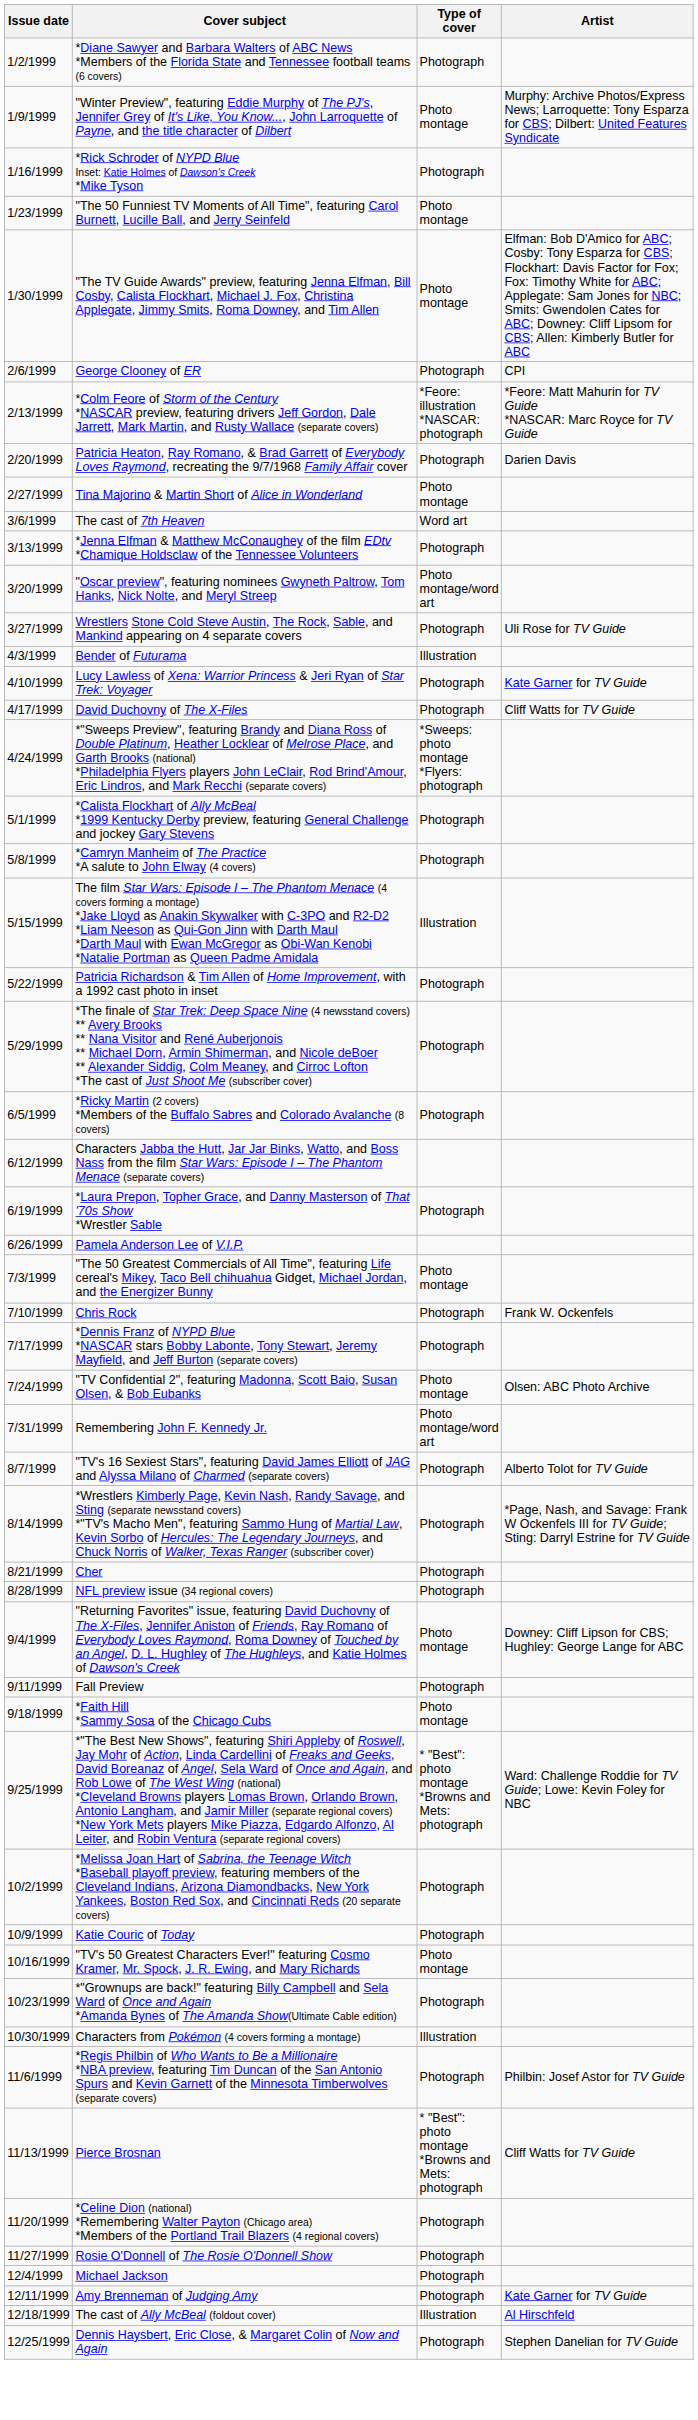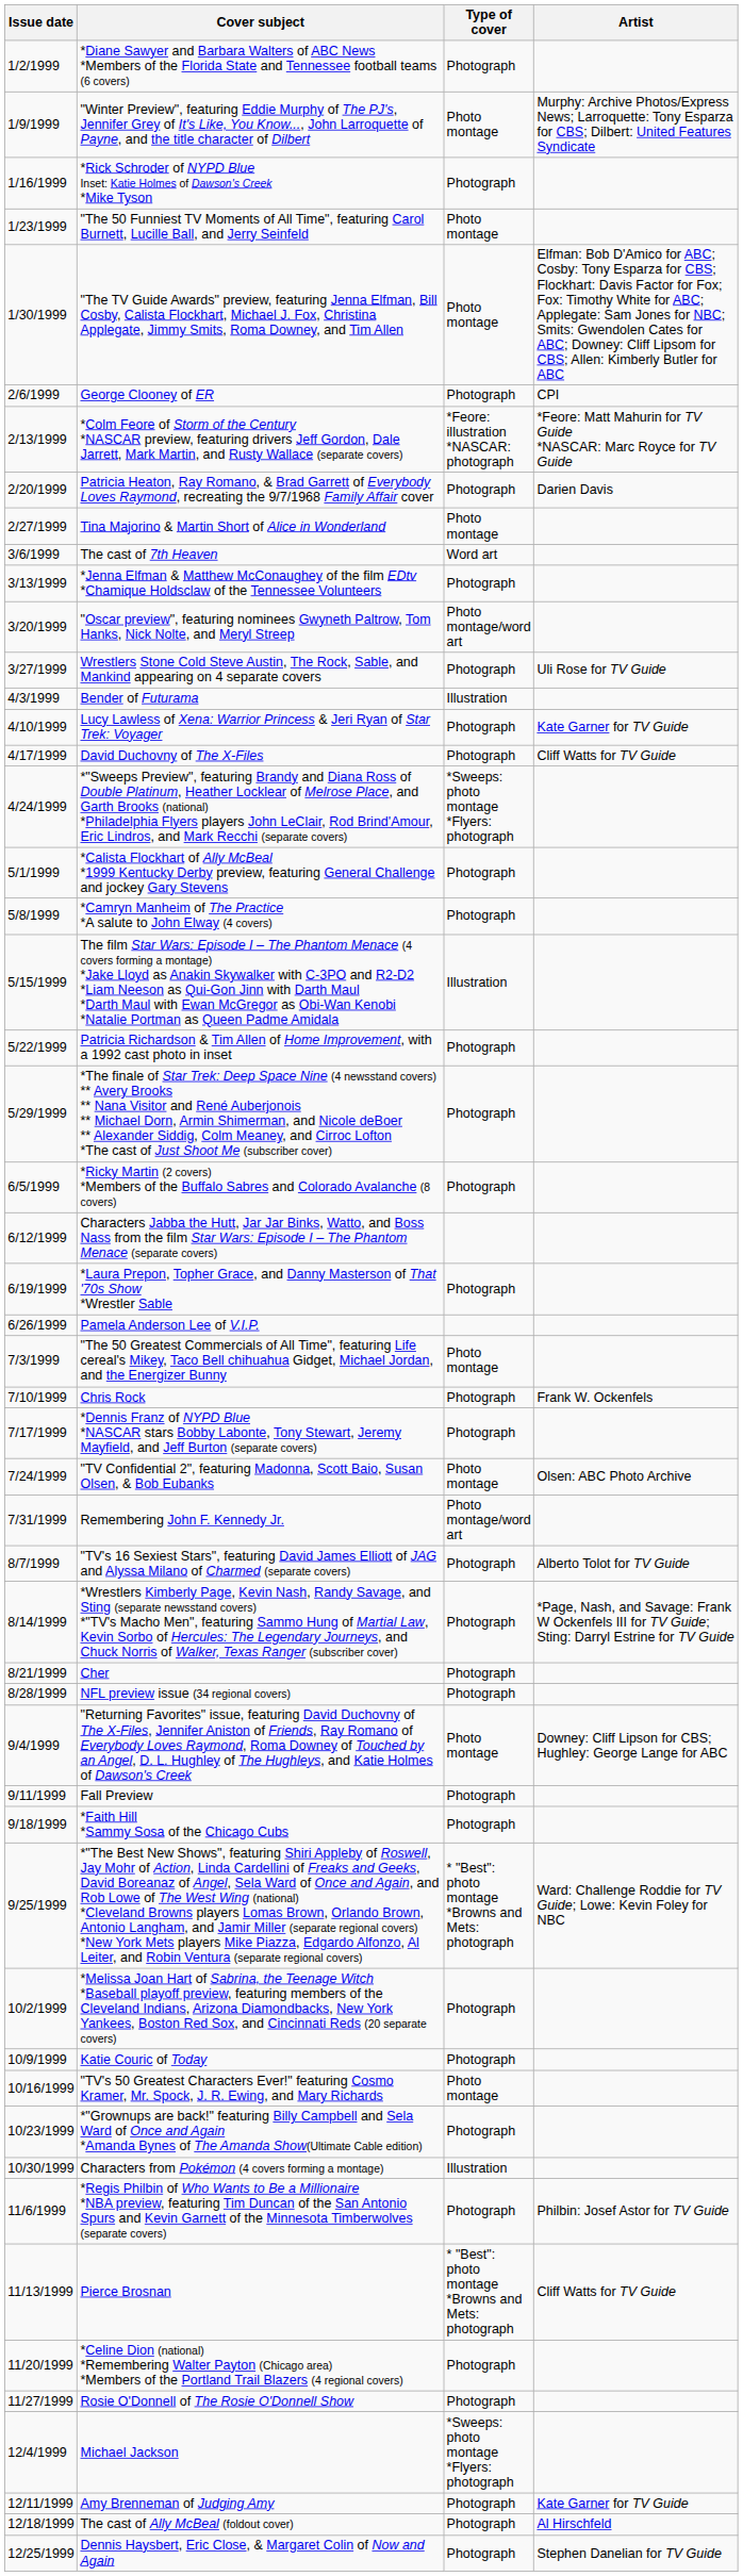 <table class="wikitable sortable" width=100% style="font-size:100%;">
 <tr>
 <th width=6%>Issue date</th>
 <th width=53%>Cover subject</th>
 <th width=12%>Type of cover</th>
 <th width=29%>Artist</th>
 </tr>
 <tr>
 <td>1/2/1999</td>
 <td>*<a href='#'>Diane Sawyer</a> and <a href='#'>Barbara Walters</a> of <a href='#'>ABC News</a><br>*Members of the <a href='#'>Florida State</a> and <a href='#'>Tennessee</a> football teams <small>(6 covers)</small></td>
 <td>Photograph</td>
 <td></td>
 </tr>
 <tr>
 <td>1/9/1999</td>
 <td>"Winter Preview", featuring <a href='#'>Eddie Murphy</a> of <em><a href='#'>The PJ's</a></em>, <a href='#'>Jennifer Grey</a> of <em><a href='#'>It's Like, You Know...</a></em>, <a href='#'>John Larroquette</a> of <em><a href='#'>Payne</a></em>, and <a href='#'>the title character</a> of <em><a href='#'>Dilbert</a></em></td>
 <td>Photo montage</td>
 <td>Murphy: Archive Photos/Express News; Larroquette: Tony Esparza for <a href='#'>CBS</a>; Dilbert: <a href='#'>United Features Syndicate</a></td>
 </tr>
 <tr>
 <td>1/16/1999</td>
 <td>*<a href='#'>Rick Schroder</a> of <em><a href='#'>NYPD Blue</a></em><br><small>Inset: <a href='#'>Katie Holmes</a> of <em><a href='#'>Dawson's Creek</a></em></small><br>*<a href='#'>Mike Tyson</a></td>
 <td>Photograph</td>
 <td></td>
 </tr>
 <tr>
 <td>1/23/1999</td>
 <td>"The 50 Funniest TV Moments of All Time", featuring <a href='#'>Carol Burnett</a>, <a href='#'>Lucille Ball</a>, and <a href='#'>Jerry Seinfeld</a></td>
 <td>Photo montage</td>
 <td></td>
 </tr>
 <tr>
 <td>1/30/1999</td>
 <td>"The TV Guide Awards" preview, featuring <a href='#'>Jenna Elfman</a>, <a href='#'>Bill Cosby</a>, <a href='#'>Calista Flockhart</a>, <a href='#'>Michael J. Fox</a>, <a href='#'>Christina Applegate</a>, <a href='#'>Jimmy Smits</a>, <a href='#'>Roma Downey</a>, and <a href='#'>Tim Allen</a></td>
 <td>Photo montage</td>
 <td>Elfman: Bob D'Amico for <a href='#'>ABC</a>; Cosby: Tony Esparza for <a href='#'>CBS</a>; Flockhart: Davis Factor for Fox; Fox: Timothy White for <a href='#'>ABC</a>; Applegate: Sam Jones for <a href='#'>NBC</a>; Smits: Gwendolen Cates for <a href='#'>ABC</a>; Downey: Cliff Lipsom for <a href='#'>CBS</a>; Allen: Kimberly Butler for <a href='#'>ABC</a></td>
 </tr>
 <tr>
 <td>2/6/1999</td>
 <td><a href='#'>George Clooney</a> of <em><a href='#'>ER</a></em></td>
 <td>Photograph</td>
 <td>CPI</td>
 </tr>
 <tr>
 <td>2/13/1999</td>
 <td>*<a href='#'>Colm Feore</a> of <em><a href='#'>Storm of the Century</a></em><br>*<a href='#'>NASCAR</a> preview, featuring drivers <a href='#'>Jeff Gordon</a>, <a href='#'>Dale Jarrett</a>, <a href='#'>Mark Martin</a>, and <a href='#'>Rusty Wallace</a> <small>(separate covers)</small></td>
 <td>*Feore: illustration<br>*NASCAR: photograph</td>
 <td>*Feore: Matt Mahurin for <em>TV Guide</em><br>*NASCAR: Marc Royce for <em>TV Guide</em></td>
 </tr>
 <tr>
 <td>2/20/1999</td>
 <td><a href='#'>Patricia Heaton</a>, <a href='#'>Ray Romano</a>, & <a href='#'>Brad Garrett</a> of <em><a href='#'>Everybody Loves Raymond</a></em>, recreating the 9/7/1968 <em><a href='#'>Family Affair</a></em> cover</td>
 <td>Photograph</td>
 <td>Darien Davis</td>
 </tr>
 <tr>
 <td>2/27/1999</td>
 <td><a href='#'>Tina Majorino</a> & <a href='#'>Martin Short</a> of <em><a href='#'>Alice in Wonderland</a></em></td>
 <td>Photo montage</td>
 <td></td>
 </tr>
 <tr>
 <td>3/6/1999</td>
 <td>The cast of <em><a href='#'>7th Heaven</a></em></td>
 <td>Word art</td>
 <td></td>
 </tr>
 <tr>
 <td>3/13/1999</td>
 <td>*<a href='#'>Jenna Elfman</a> & <a href='#'>Matthew McConaughey</a> of the film <em><a href='#'>EDtv</a></em><br>*<a href='#'>Chamique Holdsclaw</a> of the <a href='#'>Tennessee Volunteers</a></td>
 <td>Photograph</td>
 <td></td>
 </tr>
 <tr>
 <td>3/20/1999</td>
 <td>"<a href='#'>Oscar preview</a>", featuring nominees <a href='#'>Gwyneth Paltrow</a>, <a href='#'>Tom Hanks</a>, <a href='#'>Nick Nolte</a>, and <a href='#'>Meryl Streep</a></td>
 <td>Photo montage/word art</td>
 <td></td>
 </tr>
 <tr>
 <td>3/27/1999</td>
 <td><a href='#'>Wrestlers</a> <a href='#'>Stone Cold Steve Austin</a>, <a href='#'>The Rock</a>, <a href='#'>Sable</a>, and <a href='#'>Mankind</a> appearing on 4 separate covers</td>
 <td>Photograph</td>
 <td>Uli Rose for <em>TV Guide</em></td>
 </tr>
 <tr>
 <td>4/3/1999</td>
 <td><a href='#'>Bender</a> of <em><a href='#'>Futurama</a></em></td>
 <td>Illustration</td>
 <td></td>
 </tr>
 <tr>
 <td>4/10/1999</td>
 <td><a href='#'>Lucy Lawless</a> of <em><a href='#'>Xena: Warrior Princess</a></em> & <a href='#'>Jeri Ryan</a> of <em><a href='#'>Star Trek: Voyager</a></em></td>
 <td>Photograph</td>
 <td><a href='#'>Kate Garner</a> for <em>TV Guide</em></td>
 </tr>
 <tr>
 <td>4/17/1999</td>
 <td><a href='#'>David Duchovny</a> of <em><a href='#'>The X-Files</a></em></td>
 <td>Photograph</td>
 <td>Cliff Watts for <em>TV Guide</em></td>
 </tr>
 <tr>
 <td>4/24/1999</td>
 <td>*"Sweeps Preview", featuring <a href='#'>Brandy</a> and <a href='#'>Diana Ross</a> of <em><a href='#'>Double Platinum</a></em>, <a href='#'>Heather Locklear</a> of <em><a href='#'>Melrose Place</a></em>, and <a href='#'>Garth Brooks</a> <small>(national)</small><br>*<a href='#'>Philadelphia Flyers</a> players <a href='#'>John LeClair</a>, <a href='#'>Rod Brind'Amour</a>, <a href='#'>Eric Lindros</a>, and <a href='#'>Mark Recchi</a> <small>(separate covers)</small></td>
 <td>*Sweeps: photo montage<br>*Flyers: photograph</td>
 <td></td>
 </tr>
 <tr>
 <td>5/1/1999</td>
 <td>*<a href='#'>Calista Flockhart</a> of <em><a href='#'>Ally McBeal</a></em><br>*<a href='#'>1999 Kentucky Derby</a> preview, featuring <a href='#'>General Challenge</a> and jockey <a href='#'>Gary Stevens</a></td>
 <td>Photograph</td>
 <td></td>
 </tr>
 <tr>
 <td>5/8/1999</td>
 <td>*<a href='#'>Camryn Manheim</a> of <em><a href='#'>The Practice</a></em><br>*A salute to <a href='#'>John Elway</a> <small>(4 covers)</small></td>
 <td>Photograph</td>
 <td></td>
 </tr>
 <tr>
 <td>5/15/1999</td>
 <td>The film <em><a href='#'>Star Wars: Episode I – The Phantom Menace</a></em> <small>(4 covers forming a montage)</small><br>*<a href='#'>Jake Lloyd</a> as <a href='#'>Anakin Skywalker</a> with <a href='#'>C-3PO</a> and <a href='#'>R2-D2</a><br>*<a href='#'>Liam Neeson</a> as <a href='#'>Qui-Gon Jinn</a> with <a href='#'>Darth Maul</a><br>*<a href='#'>Darth Maul</a> with <a href='#'>Ewan McGregor</a> as <a href='#'>Obi-Wan Kenobi</a><br>*<a href='#'>Natalie Portman</a> as <a href='#'>Queen Padme Amidala</a></td>
 <td>Illustration</td>
 <td></td>
 </tr>
 <tr>
 <td>5/22/1999</td>
 <td><a href='#'>Patricia Richardson</a> & <a href='#'>Tim Allen</a> of <em><a href='#'>Home Improvement</a></em>, with a 1992 cast photo in inset</td>
 <td>Photograph</td>
 <td></td>
 </tr>
 <tr>
 <td>5/29/1999</td>
 <td>*The finale of <em><a href='#'>Star Trek: Deep Space Nine</a></em> <small>(4 newsstand covers)</small><br>** <a href='#'>Avery Brooks</a><br>** <a href='#'>Nana Visitor</a> and <a href='#'>René Auberjonois</a><br>** <a href='#'>Michael Dorn</a>, <a href='#'>Armin Shimerman</a>, and <a href='#'>Nicole deBoer</a><br>** <a href='#'>Alexander Siddig</a>, <a href='#'>Colm Meaney</a>, and <a href='#'>Cirroc Lofton</a><br>*The cast of <em><a href='#'>Just Shoot Me</a></em> <small>(subscriber cover)</small></td>
 <td>Photograph</td>
 <td></td>
 </tr>
 <tr>
 <td>6/5/1999</td>
 <td>*<a href='#'>Ricky Martin</a> <small>(2 covers)</small><br>*Members of the <a href='#'>Buffalo Sabres</a> and <a href='#'>Colorado Avalanche</a> <small>(8 covers)</small></td>
 <td>Photograph</td>
 <td></td>
 </tr>
 <tr>
 <td>6/12/1999</td>
 <td>Characters <a href='#'>Jabba the Hutt</a>, <a href='#'>Jar Jar Binks</a>, <a href='#'>Watto</a>, and <a href='#'>Boss Nass</a> from the film <em><a href='#'>Star Wars: Episode I – The Phantom Menace</a></em> <small>(separate covers)</small></td>
 <td></td>
 <td></td>
 </tr>
 <tr>
 <td>6/19/1999</td>
 <td>*<a href='#'>Laura Prepon</a>, <a href='#'>Topher Grace</a>, and <a href='#'>Danny Masterson</a> of <em><a href='#'>That '70s Show</a></em><br>*Wrestler <a href='#'>Sable</a></td>
 <td>Photograph</td>
 <td></td>
 </tr>
 <tr>
 <td>6/26/1999</td>
 <td><a href='#'>Pamela Anderson Lee</a> of <em><a href='#'>V.I.P.</a></em></td>
 <td></td>
 <td></td>
 </tr>
 <tr>
 <td>7/3/1999</td>
 <td>"The 50 Greatest Commercials of All Time", featuring <a href='#'>Life</a> cereal's <a href='#'>Mikey</a>, <a href='#'>Taco Bell chihuahua</a> Gidget, <a href='#'>Michael Jordan</a>, and <a href='#'>the Energizer Bunny</a></td>
 <td>Photo montage</td>
 <td></td>
 </tr>
 <tr>
 <td>7/10/1999</td>
 <td><a href='#'>Chris Rock</a></td>
 <td>Photograph</td>
 <td>Frank W. Ockenfels</td>
 </tr>
 <tr>
 <td>7/17/1999</td>
 <td>*<a href='#'>Dennis Franz</a> of <em><a href='#'>NYPD Blue</a></em><br>*<a href='#'>NASCAR</a> stars <a href='#'>Bobby Labonte</a>, <a href='#'>Tony Stewart</a>, <a href='#'>Jeremy Mayfield</a>, and <a href='#'>Jeff Burton</a> <small>(separate covers)</small></td>
 <td>Photograph</td>
 <td></td>
 </tr>
 <tr>
 <td>7/24/1999</td>
 <td>"TV Confidential 2", featuring <a href='#'>Madonna</a>, <a href='#'>Scott Baio</a>, <a href='#'>Susan Olsen</a>, & <a href='#'>Bob Eubanks</a></td>
 <td>Photo montage</td>
 <td>Olsen: ABC Photo Archive</td>
 </tr>
 <tr>
 <td>7/31/1999</td>
 <td>Remembering <a href='#'>John F. Kennedy Jr.</a></td>
 <td>Photo montage/word art</td>
 <td></td>
 </tr>
 <tr>
 <td>8/7/1999</td>
 <td>"TV's 16 Sexiest Stars", featuring <a href='#'>David James Elliott</a> of <em><a href='#'>JAG</a></em> and <a href='#'>Alyssa Milano</a> of <em><a href='#'>Charmed</a></em> <small>(separate covers)</small></td>
 <td>Photograph</td>
 <td>Alberto Tolot for <em>TV Guide</em></td>
 </tr>
 <tr>
 <td>8/14/1999</td>
 <td>*Wrestlers <a href='#'>Kimberly Page</a>, <a href='#'>Kevin Nash</a>, <a href='#'>Randy Savage</a>, and <a href='#'>Sting</a> <small>(separate newsstand covers)</small><br>*"TV's Macho Men", featuring <a href='#'>Sammo Hung</a> of <em><a href='#'>Martial Law</a></em>, <a href='#'>Kevin Sorbo</a> of <em><a href='#'>Hercules: The Legendary Journeys</a></em>, and <a href='#'>Chuck Norris</a> of <em><a href='#'>Walker, Texas Ranger</a></em> <small>(subscriber cover)</small></td>
 <td>Photograph</td>
 <td>*Page, Nash, and Savage: Frank W Ockenfels III for <em>TV Guide</em>; Sting: Darryl Estrine for <em>TV Guide</em></td>
 </tr>
 <tr>
 <td>8/21/1999</td>
 <td><a href='#'>Cher</a></td>
 <td>Photograph</td>
 <td></td>
 </tr>
 <tr>
 <td>8/28/1999</td>
 <td><a href='#'>NFL preview</a> issue <small>(34 regional covers)</small></td>
 <td>Photograph</td>
 <td></td>
 </tr>
 <tr>
 <td>9/4/1999</td>
 <td>"Returning Favorites" issue, featuring <a href='#'>David Duchovny</a> of <em><a href='#'>The X-Files</a></em>, <a href='#'>Jennifer Aniston</a> of <em><a href='#'>Friends</a></em>, <a href='#'>Ray Romano</a> of <em><a href='#'>Everybody Loves Raymond</a></em>, <a href='#'>Roma Downey</a> of <em><a href='#'>Touched by an Angel</a></em>, <a href='#'>D. L. Hughley</a> of <em><a href='#'>The Hughleys</a></em>, and <a href='#'>Katie Holmes</a> of <em><a href='#'>Dawson's Creek</a></em></td>
 <td>Photo montage</td>
 <td>Downey: Cliff Lipson for CBS; Hughley: George Lange for ABC</td>
 </tr>
 <tr>
 <td>9/11/1999</td>
 <td>Fall Preview</td>
 <td>Photograph</td>
 <td></td>
 </tr>
 <tr>
 <td>9/18/1999</td>
 <td>*<a href='#'>Faith Hill</a><br>*<a href='#'>Sammy Sosa</a> of the <a href='#'>Chicago Cubs</a></td>
-<td>Photo montage</td>
+<td>Photograph</td>
 <td></td>
 </tr>
 <tr>
 <td>9/25/1999</td>
 <td>*"The Best New Shows", featuring <a href='#'>Shiri Appleby</a> of <em><a href='#'>Roswell</a></em>, <a href='#'>Jay Mohr</a> of <em><a href='#'>Action</a></em>, <a href='#'>Linda Cardellini</a> of <em><a href='#'>Freaks and Geeks</a></em>, <a href='#'>David Boreanaz</a> of <em><a href='#'>Angel</a></em>, <a href='#'>Sela Ward</a> of <em><a href='#'>Once and Again</a></em>, and <a href='#'>Rob Lowe</a> of <em><a href='#'>The West Wing</a></em> <small>(national)</small><br>*<a href='#'>Cleveland Browns</a> players <a href='#'>Lomas Brown</a>, <a href='#'>Orlando Brown</a>, <a href='#'>Antonio Langham</a>, and <a href='#'>Jamir Miller</a> <small>(separate regional covers)</small><br>*<a href='#'>New York Mets</a> players <a href='#'>Mike Piazza</a>, <a href='#'>Edgardo Alfonzo</a>, <a href='#'>Al Leiter</a>, and <a href='#'>Robin Ventura</a> <small>(separate regional covers)</small></td>
 <td>* "Best": photo montage<br>*Browns and Mets: photograph</td>
 <td>Ward: Challenge Roddie for <em>TV Guide</em>; Lowe: Kevin Foley for NBC</td>
 </tr>
 <tr>
 <td>10/2/1999</td>
 <td>*<a href='#'>Melissa Joan Hart</a> of <em><a href='#'>Sabrina, the Teenage Witch</a></em><br>*<a href='#'>Baseball playoff preview</a>, featuring members of the <a href='#'>Cleveland Indians</a>, <a href='#'>Arizona Diamondbacks</a>, <a href='#'>New York Yankees</a>, <a href='#'>Boston Red Sox</a>, and <a href='#'>Cincinnati Reds</a> <small>(20 separate covers)</small></td>
 <td>Photograph</td>
 <td></td>
 </tr>
 <tr>
 <td>10/9/1999</td>
 <td><a href='#'>Katie Couric</a> of <em><a href='#'>Today</a></em></td>
 <td>Photograph</td>
 <td></td>
 </tr>
 <tr>
 <td>10/16/1999</td>
 <td>"TV's 50 Greatest Characters Ever!" featuring <a href='#'>Cosmo Kramer</a>, <a href='#'>Mr. Spock</a>, <a href='#'>J. R. Ewing</a>, and <a href='#'>Mary Richards</a></td>
 <td>Photo montage</td>
 <td></td>
 </tr>
 <tr>
 <td>10/23/1999</td>
 <td>*"Grownups are back!" featuring <a href='#'>Billy Campbell</a> and <a href='#'>Sela Ward</a> of <em><a href='#'>Once and Again</a></em><br>*<a href='#'>Amanda Bynes</a> of <em><a href='#'>The Amanda Show</a></em><small>(Ultimate Cable edition)</small></td>
 <td>Photograph</td>
 <td></td>
 </tr>
 <tr>
 <td>10/30/1999</td>
 <td>Characters from <em><a href='#'>Pokémon</a></em> <small>(4 covers forming a montage)</small></td>
 <td>Illustration</td>
 <td></td>
 </tr>
 <tr>
 <td>11/6/1999</td>
 <td>*<a href='#'>Regis Philbin</a> of <em><a href='#'>Who Wants to Be a Millionaire</a></em><br>*<a href='#'>NBA preview</a>, featuring <a href='#'>Tim Duncan</a> of the <a href='#'>San Antonio Spurs</a> and <a href='#'>Kevin Garnett</a> of the <a href='#'>Minnesota Timberwolves</a> <small>(separate covers)</small></td>
 <td>Photograph</td>
 <td>Philbin: Josef Astor for <em>TV Guide</em></td>
 </tr>
 <tr>
 <td>11/13/1999</td>
 <td><a href='#'>Pierce Brosnan</a></td>
 <td>* "Best": photo montage<br>*Browns and Mets: photograph</td>
 <td>Cliff Watts for <em>TV Guide</em></td>
 </tr>
 <tr>
 <td>11/20/1999</td>
 <td>*<a href='#'>Celine Dion</a> <small>(national)</small><br>*Remembering <a href='#'>Walter Payton</a> <small>(Chicago area)</small><br>*Members of the <a href='#'>Portland Trail Blazers</a> <small>(4 regional covers)</small></td>
 <td>Photograph</td>
 <td></td>
 </tr>
 <tr>
 <td>11/27/1999</td>
 <td><a href='#'>Rosie O'Donnell</a> of <em><a href='#'>The Rosie O'Donnell Show</a></em></td>
 <td>Photograph</td>
 <td></td>
 </tr>
 <tr>
 <td>12/4/1999</td>
 <td><a href='#'>Michael Jackson</a></td>
-<td>Photograph</td>
+<td>*Sweeps: photo montage<br>*Flyers: photograph</td>
 <td></td>
 </tr>
 <tr>
 <td>12/11/1999</td>
 <td><a href='#'>Amy Brenneman</a> of <em><a href='#'>Judging Amy</a></em></td>
 <td>Photograph</td>
 <td><a href='#'>Kate Garner</a> for <em>TV Guide</em></td>
 </tr>
 <tr>
 <td>12/18/1999</td>
 <td>The cast of <em><a href='#'>Ally McBeal</a></em> <small>(foldout cover)</small></td>
-<td>Illustration</td>
+<td>Photograph</td>
 <td><a href='#'>Al Hirschfeld</a></td>
 </tr>
 <tr>
 <td>12/25/1999</td>
 <td><a href='#'>Dennis Haysbert</a>, <a href='#'>Eric Close</a>, & <a href='#'>Margaret Colin</a> of <em><a href='#'>Now and Again</a></em></td>
 <td>Photograph</td>
 <td>Stephen Danelian for <em>TV Guide</em></td>
 </tr>
 </table>
